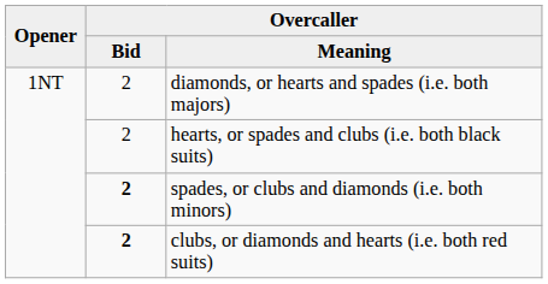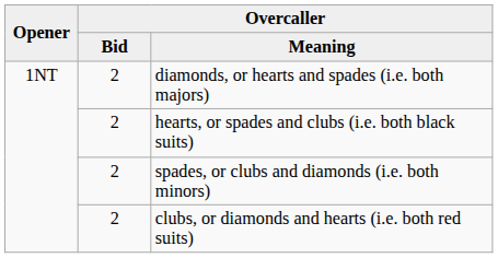 <table class="wikitable" width=50%>
 <tr>
 <td rowspan=2 style="background: #EFEFEF" align=center width=15%><strong>Opener</strong></td>
 <td colspan="2" align=center style="background: #EFEFEF" width=85%><strong>Overcaller</strong></td>
 </tr>
 <tr>
 <td align=center style="background: #EFEFEF" width=15%><strong>Bid</strong></td>
 <td align=center style="background: #EFEFEF" width=85%><strong>Meaning</strong></td>
 </tr>
 <tr align="left" valign="top">
 <td rowspan="4" align=center>1NT</td>
 <td align=center>2</td>
 <td align="left">diamonds, or hearts and spades (i.e. both majors)</td>
 </tr>
 <tr>
 <td valign=top align=center>2</td>
 <td>hearts, or spades and clubs (i.e. both black suits)</td>
 </tr>
 <tr>
-<td valign=top align=center><strong>2</strong></td>
+<td valign=top align=center>2</td>
 <td>spades, or clubs and diamonds (i.e. both minors)</td>
 </tr>
 <tr>
-<td Valign=top align=center><strong>2</strong></td>
+<td Valign=top align=center>2</td>
 <td>clubs, or diamonds and hearts (i.e. both red suits)</td>
 </tr>
 </table>
